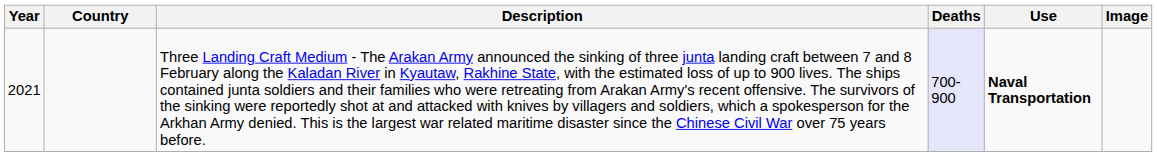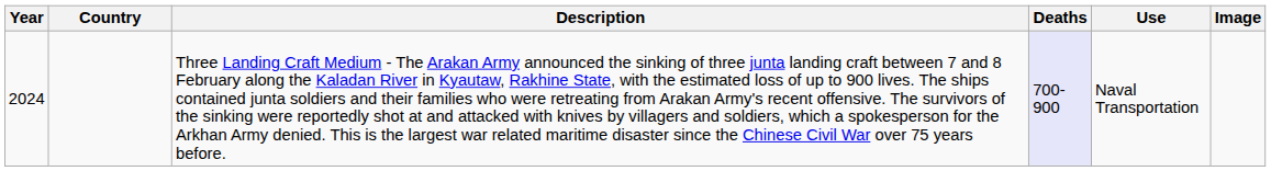 <table class="wikitable sortable" style="display: inline-table;">
 <tr>
 <th data-sort-type="number">Year</th>
 <th width=115px>Country</th>
 <th>Description</th>
 <th data-sort-type="number">Deaths</th>
 <th>Use</th>
 <th class="unsortable">Image</th>
 </tr>
 <tr>
-<td>2021</td>
+<td>2024</td>
 <td></td>
 <td><br>Three <a href='#'>Landing Craft Medium</a> - The <a href='#'>Arakan Army</a> announced the sinking of three <a href='#'>junta</a> landing craft between 7 and 8 February along the <a href='#'>Kaladan River</a> in <a href='#'>Kyautaw</a>, <a href='#'>Rakhine State</a>, with the estimated loss of up to 900 lives. The ships contained junta soldiers and their families who were retreating from Arakan Army's recent offensive. The survivors of the sinking were reportedly shot at and attacked with knives by villagers and soldiers, which a spokesperson for the Arkhan Army denied. This is the largest war related maritime disaster since the <a href='#'>Chinese Civil War</a> over 75 years before.</td>
 <td style="background: lavender;">700-900</td>
-<td><strong>Naval Transportation</strong></td>
+<td>Naval Transportation</td>
 <td></td>
 </tr>
 </table>
